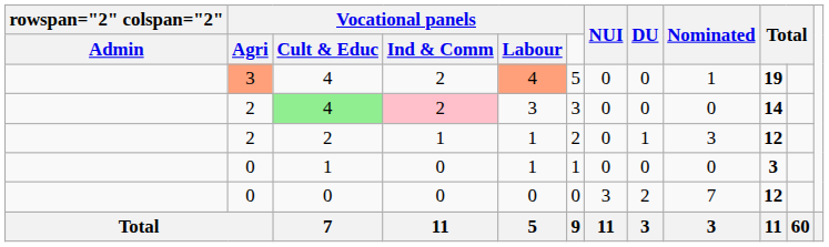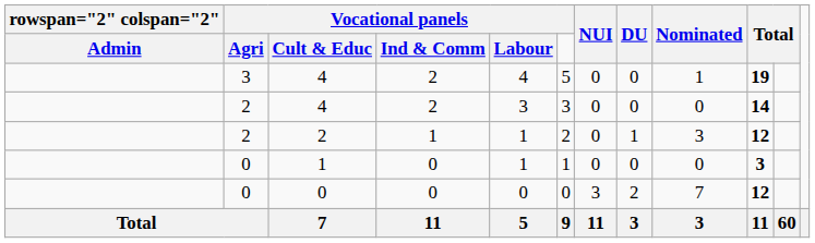 <table class="wikitable">
 <tr>
 <th>rowspan="2" colspan="2" </th>
 <th scope="col" colspan="5"><a href='#'>Vocational panels</a></th>
 <th rowspan="2"><a href='#'>NUI</a></th>
 <th rowspan="2"><a href='#'>DU</a></th>
 <th rowspan="2"><a href='#'>Nominated</a></th>
 <th rowspan="2" colspan="2">Total</th>
 </tr>
 <tr>
 <th scope="col"><a href='#'>Admin</a></th>
 <th scope="col"><a href='#'>Agri</a></th>
 <th scope="col"><a href='#'>Cult & Educ</a></th>
 <th scope="col"><a href='#'>Ind & Comm</a></th>
 <th scope="col"><a href='#'>Labour</a></th>
 </tr>
 <tr style="text-align:center">
 <td></td>
-<td style="background: lightsalmon;">3</td>
+<td>3</td>
 <td>4</td>
 <td>2</td>
-<td style="background: lightsalmon;">4</td>
+<td>4</td>
 <td>5</td>
 <td>0</td>
 <td>0</td>
 <td>1</td>
 <td><strong>19</strong></td>
 <td style="background-color: "></td>
 </tr>
 <tr style="text-align:center">
 <td></td>
 <td>2</td>
-<td style="background: lightgreen;">4</td>
-<td style="background: pink;">2</td>
+<td>4</td>
+<td>2</td>
 <td>3</td>
 <td>3</td>
 <td>0</td>
 <td>0</td>
 <td>0</td>
 <td><strong>14</strong></td>
 <td style="background-color: "></td>
 </tr>
 <tr style="text-align:center">
 <td></td>
 <td>2</td>
 <td>2</td>
 <td>1</td>
 <td>1</td>
 <td>2</td>
 <td>0</td>
 <td>1</td>
 <td>3</td>
 <td><strong>12</strong></td>
 <td style="background-color: "></td>
 </tr>
 <tr style="text-align:center">
 <td></td>
 <td>0</td>
 <td>1</td>
 <td>0</td>
 <td>1</td>
 <td>1</td>
 <td>0</td>
 <td>0</td>
 <td>0</td>
 <td><strong>3</strong></td>
 <td style="background-color: "></td>
 </tr>
 <tr style="text-align:center">
 <td></td>
 <td>0</td>
 <td>0</td>
 <td>0</td>
 <td>0</td>
 <td>0</td>
 <td>3</td>
 <td>2</td>
 <td>7</td>
 <td><strong>12</strong></td>
 <td style="background-color: "></td>
 </tr>
 <tr style="text-align:center">
 <th colspan="2">Total</th>
 <th>7</th>
 <th>11</th>
 <th>5</th>
 <th>9</th>
 <th>11</th>
 <th>3</th>
 <th>3</th>
 <th>11</th>
 <th>60</th>
 <th></th>
 </tr>
 </table>
